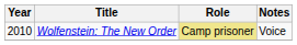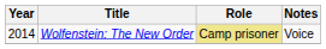 <table class="wikitable plainrowheaders sortable">
 <tr>
 <th scope="col">Year</th>
 <th scope="col">Title</th>
 <th scope="col">Role</th>
 <th scope="col" class="unsortable">Notes</th>
 </tr>
 <tr>
-<td>2010</td>
+<td>2014</td>
 <td><em><a href='#'>Wolfenstein: The New Order</a></em></td>
 <td style="background: khaki;">Camp prisoner</td>
 <td>Voice</td>
 </tr>
 <tr>
 </tr>
 </table>
